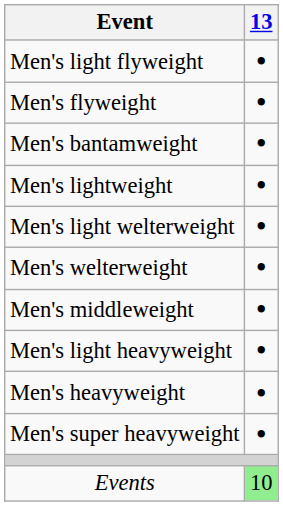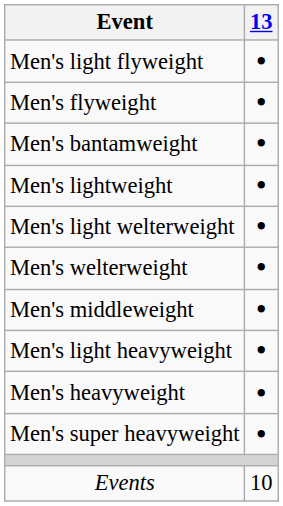 <table class="wikitable" style="text-align:center">
 <tr>
 <th>Event</th>
 <th><a href='#'>13</a></th>
 </tr>
 <tr>
 <td align=left>Men's light flyweight</td>
 <td><big><strong>•</strong></big></td>
 </tr>
 <tr>
 <td align=left>Men's flyweight</td>
 <td><big><strong>•</strong></big></td>
 </tr>
 <tr>
 <td align=left>Men's bantamweight</td>
 <td><big><strong>•</strong></big></td>
 </tr>
 <tr>
 <td align=left>Men's lightweight</td>
 <td><big><strong>•</strong></big></td>
 </tr>
 <tr>
 <td align=left>Men's light welterweight</td>
 <td><big><strong>•</strong></big></td>
 </tr>
 <tr>
 <td align=left>Men's welterweight</td>
 <td><big><strong>•</strong></big></td>
 </tr>
 <tr>
 <td align=left>Men's middleweight</td>
 <td><big><strong>•</strong></big></td>
 </tr>
 <tr>
 <td align=left>Men's light heavyweight</td>
 <td><big><strong>•</strong></big></td>
 </tr>
 <tr>
 <td align=left>Men's heavyweight</td>
 <td><big><strong>•</strong></big></td>
 </tr>
 <tr>
 <td align=left>Men's super heavyweight</td>
 <td><big><strong>•</strong></big></td>
 </tr>
 <tr bgcolor=lightgray>
 <td colspan=6></td>
 </tr>
 <tr>
 <td><em>Events</em></td>
-<td style="background: lightgreen;">10</td>
+<td>10</td>
 </tr>
 </table>
